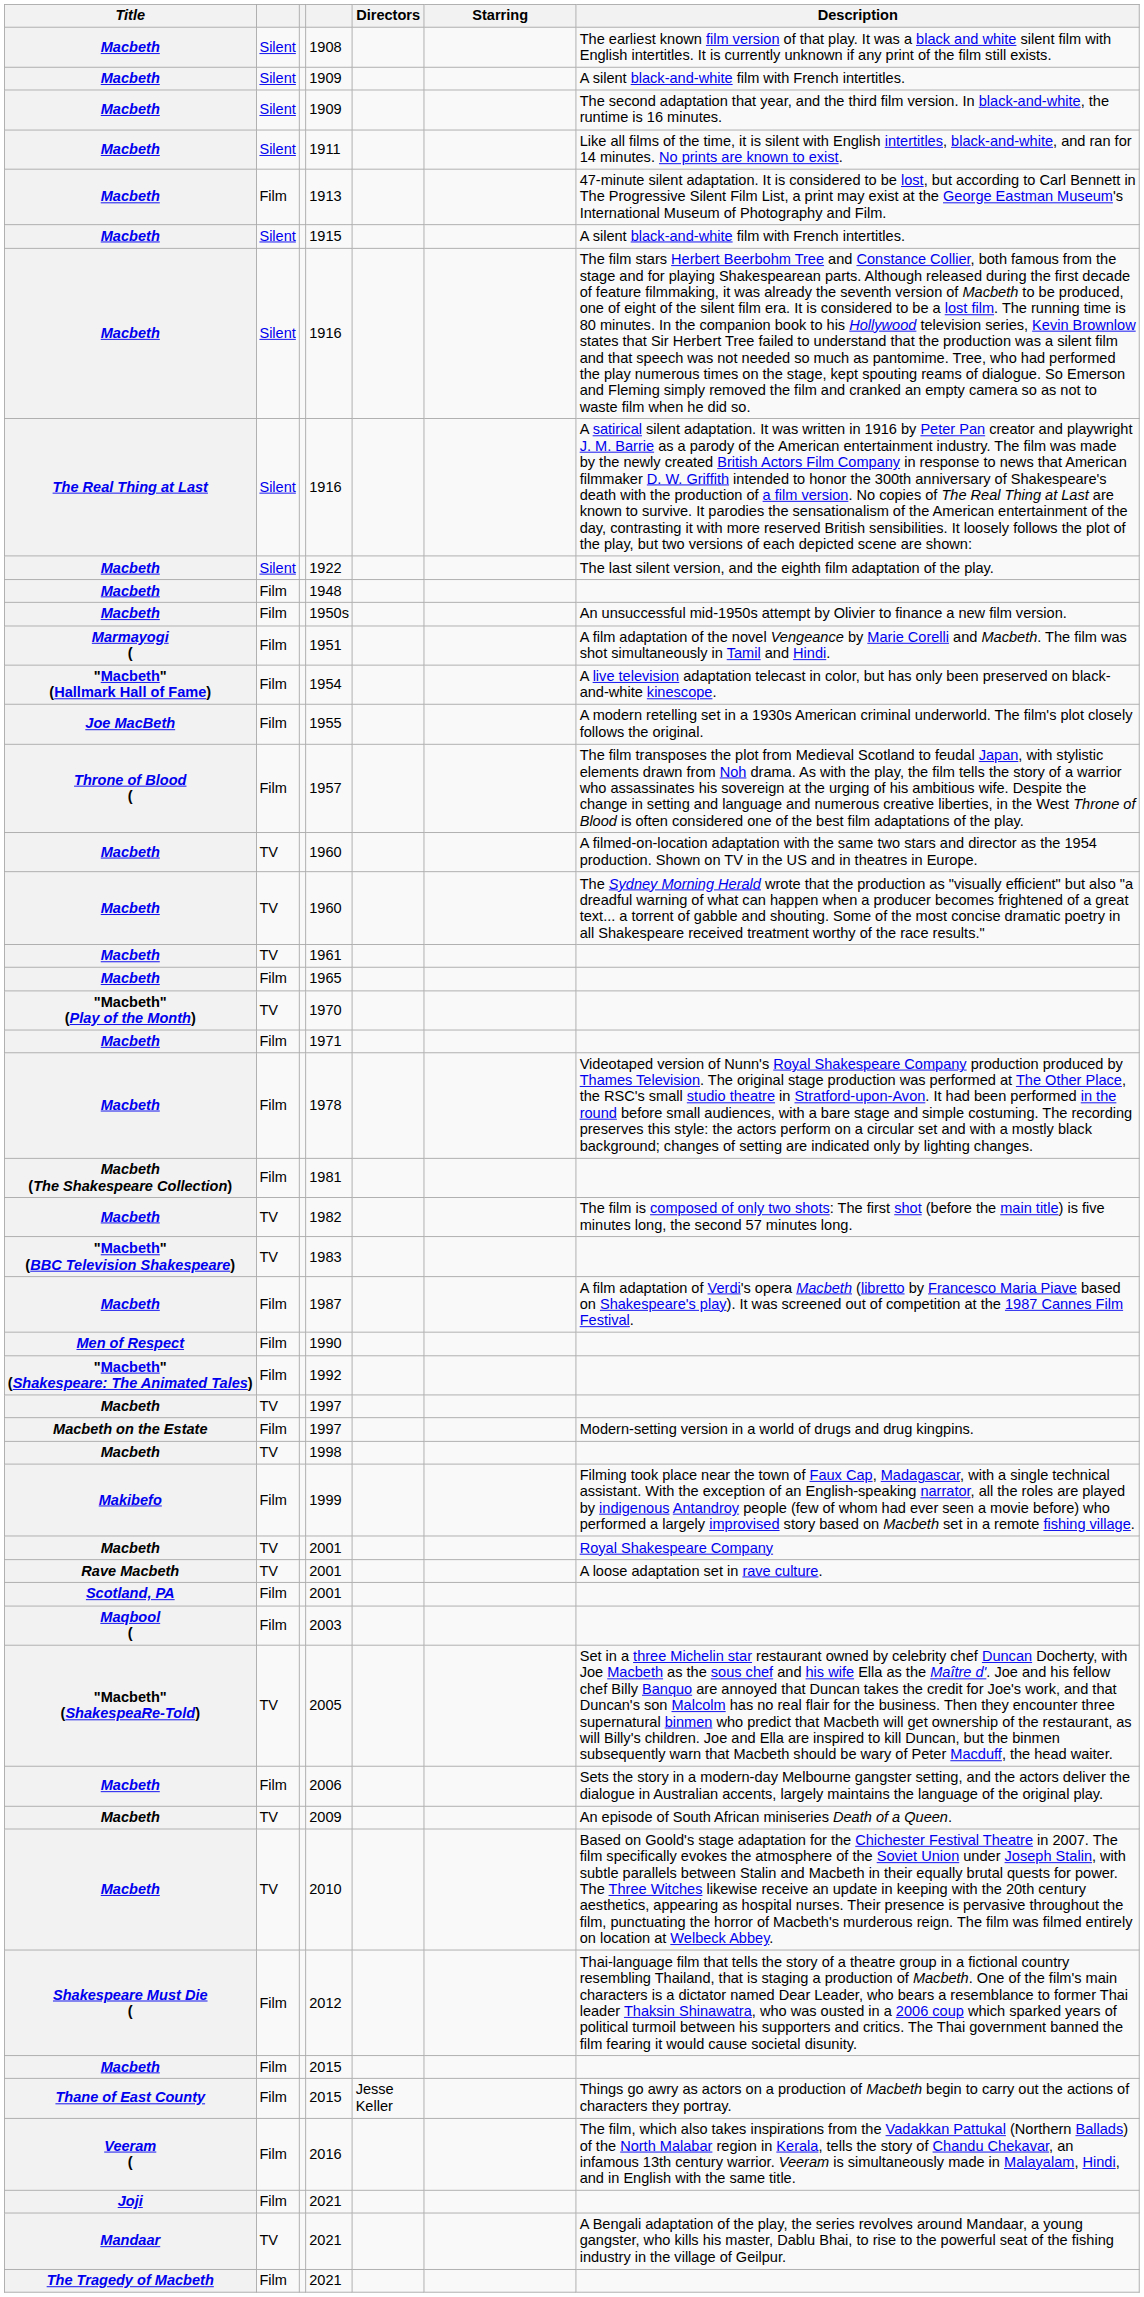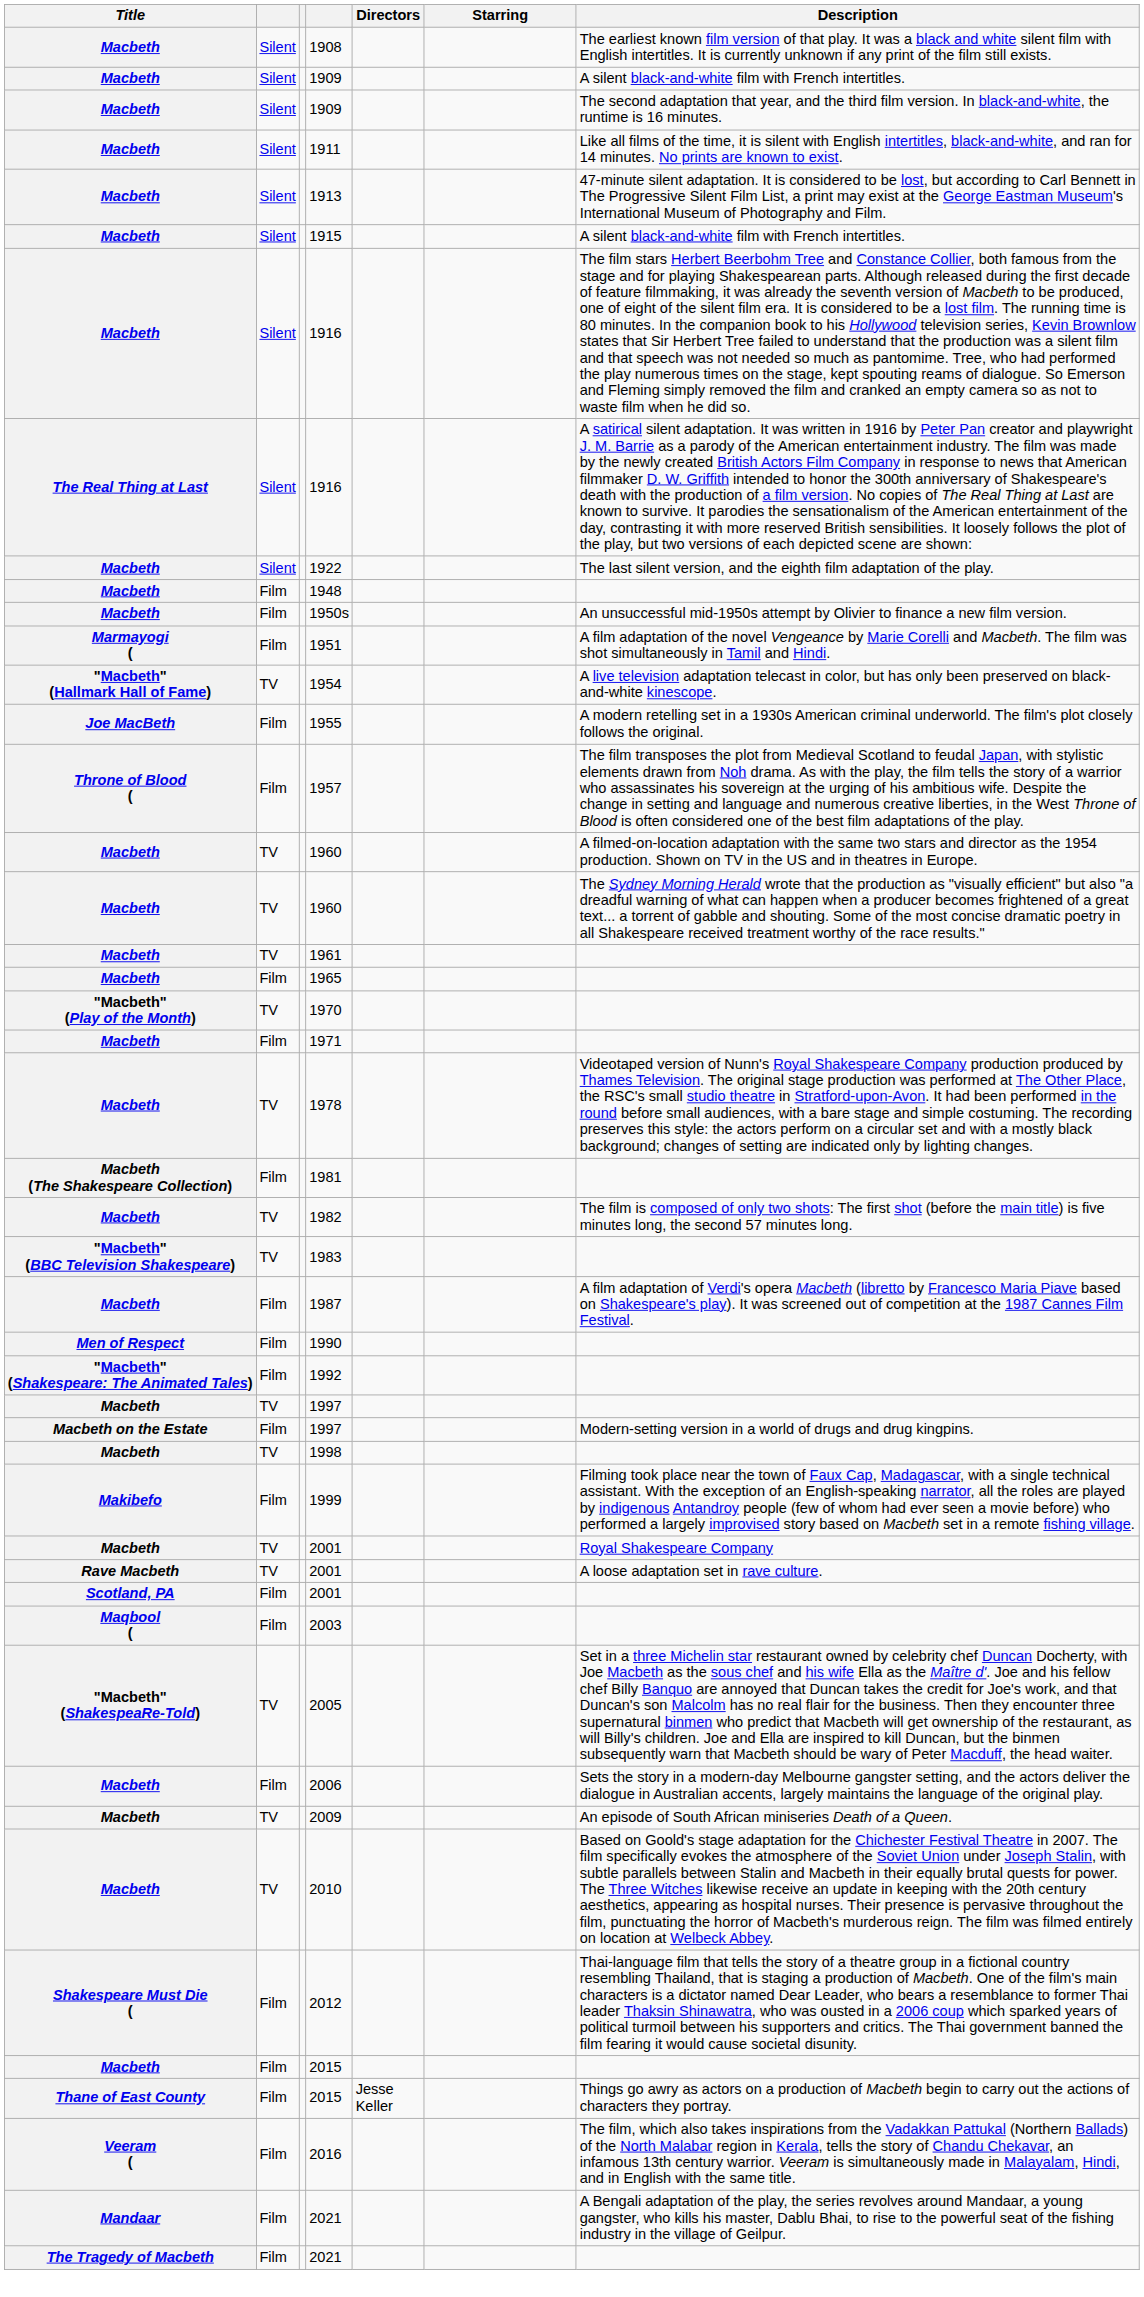 <table class="wikitable sortable">
 <tr>
 <th scope="col"><em>Title</em></th>
 <th scope="col"></th>
 <th scope="col"></th>
 <th scope="col"></th>
 <th scope="col" class="unsortable">Directors</th>
 <th scope="col" class="unsortable" style="min-width: 10em">Starring</th>
 <th scope="col" class="unsortable" style="min-width: 15em">Description</th>
 </tr>
 <tr>
 <th scope="row" style="white-space: nowrap"><em><a href='#'>Macbeth</a></em></th>
 <td><a href='#'>Silent</a></td>
 <td></td>
 <td>1908</td>
 <td></td>
 <td></td>
 <td>The earliest known <a href='#'>film version</a> of that play. It was a <a href='#'>black and white</a> silent film with English intertitles. It is currently unknown if any print of the film still exists.</td>
 </tr>
 <tr>
 <th scope="row" style="white-space: nowrap"><em><a href='#'>Macbeth</a></em></th>
 <td><a href='#'>Silent</a></td>
 <td></td>
 <td>1909</td>
 <td></td>
 <td></td>
 <td>A silent <a href='#'>black-and-white</a> film with French intertitles.</td>
 </tr>
 <tr>
 <th scope="row" style="white-space: nowrap"><em><a href='#'>Macbeth</a></em></th>
 <td><a href='#'>Silent</a></td>
 <td></td>
 <td>1909</td>
 <td></td>
 <td></td>
 <td>The second adaptation that year, and the third film version. In <a href='#'>black-and-white</a>, the runtime is 16 minutes.</td>
 </tr>
 <tr>
 <th scope="row" style="white-space: nowrap"><em><a href='#'>Macbeth</a></em></th>
 <td><a href='#'>Silent</a></td>
 <td></td>
 <td>1911</td>
 <td></td>
 <td></td>
 <td>Like all films of the time, it is silent with English <a href='#'>intertitles</a>, <a href='#'>black-and-white</a>, and ran for 14 minutes. <a href='#'>No prints are known to exist</a>.</td>
 </tr>
 <tr>
 <th scope="row" style="white-space: nowrap"><em><a href='#'>Macbeth</a></em></th>
-<td>Film</td>
+<td><a href='#'>Silent</a></td>
 <td></td>
 <td>1913</td>
 <td></td>
 <td></td>
 <td>47-minute silent adaptation. It is considered to be <a href='#'>lost</a>, but according to Carl Bennett in The Progressive Silent Film List, a print may exist at the <a href='#'>George Eastman Museum</a>'s International Museum of Photography and Film.</td>
 </tr>
 <tr>
 <th scope="row" style="white-space: nowrap"><em><a href='#'>Macbeth</a></em></th>
 <td><a href='#'>Silent</a></td>
 <td></td>
 <td>1915</td>
 <td></td>
 <td></td>
 <td>A silent <a href='#'>black-and-white</a> film with French intertitles.</td>
 </tr>
 <tr>
 <th scope="row" style="white-space: nowrap"><em><a href='#'>Macbeth</a></em></th>
 <td><a href='#'>Silent</a></td>
 <td></td>
 <td>1916</td>
 <td></td>
 <td></td>
 <td>The film stars <a href='#'>Herbert Beerbohm Tree</a> and <a href='#'>Constance Collier</a>, both famous from the stage and for playing Shakespearean parts. Although released during the first decade of feature filmmaking, it was already the seventh version of <em>Macbeth</em> to be produced, one of eight of the silent film era. It is considered to be a <a href='#'>lost film</a>. The running time is 80 minutes. In the companion book to his <em><a href='#'>Hollywood</a></em> television series, <a href='#'>Kevin Brownlow</a> states that Sir Herbert Tree failed to understand that the production was a silent film and that speech was not needed so much as pantomime. Tree, who had performed the play numerous times on the stage, kept spouting reams of dialogue. So Emerson and Fleming simply removed the film and cranked an empty camera so as not to waste film when he did so.</td>
 </tr>
 <tr>
 <th scope="row" style="white-space: nowrap"><em><a href='#'>The Real Thing at Last</a></em></th>
 <td><a href='#'>Silent</a></td>
 <td></td>
 <td>1916</td>
 <td></td>
 <td></td>
 <td>A <a href='#'>satirical</a> silent adaptation. It was written in 1916 by <a href='#'>Peter Pan</a> creator and playwright <a href='#'>J. M. Barrie</a> as a parody of the American entertainment industry. The film was made by the newly created <a href='#'>British Actors Film Company</a> in response to news that American filmmaker <a href='#'>D. W. Griffith</a> intended to honor the 300th anniversary of Shakespeare's death with the production of <a href='#'>a film version</a>. No copies of <em>The Real Thing at Last</em> are known to survive. It parodies the sensationalism of the American entertainment of the day, contrasting it with more reserved British sensibilities. It loosely follows the plot of the play, but two versions of each depicted scene are shown:<br></td>
 </tr>
 <tr>
 <th scope="row" style="white-space: nowrap"><em><a href='#'>Macbeth</a></em></th>
 <td><a href='#'>Silent</a></td>
 <td></td>
 <td>1922</td>
 <td></td>
 <td></td>
 <td>The last silent version, and the eighth film adaptation of the play.</td>
 </tr>
 <tr>
 <th scope="row" style="white-space: nowrap"><em><a href='#'>Macbeth</a></em></th>
 <td>Film</td>
 <td></td>
 <td>1948</td>
 <td></td>
 <td></td>
 <td></td>
 </tr>
 <tr>
 <th scope="row" style="white-space: nowrap"><em><a href='#'>Macbeth</a></em></th>
 <td>Film</td>
 <td></td>
 <td>1950s</td>
 <td></td>
 <td></td>
 <td>An unsuccessful mid-1950s attempt by Olivier to finance a new film version.</td>
 </tr>
 <tr>
 <th scope="row" style="white-space: normal"><em><a href='#'>Marmayogi</a></em><br>(</th>
 <td>Film</td>
 <td></td>
 <td>1951</td>
 <td></td>
 <td></td>
 <td>A film adaptation of the novel <em>Vengeance</em> by <a href='#'>Marie Corelli</a> and <em>Macbeth</em>. The film was shot simultaneously in <a href='#'>Tamil</a> and <a href='#'>Hindi</a>.</td>
 </tr>
 <tr>
 <th scope="row" style="white-space: nowrap">"<a href='#'>Macbeth</a>"<br>(<a href='#'>Hallmark Hall of Fame</a>)</th>
-<td>Film</td>
+<td>TV</td>
 <td></td>
 <td>1954</td>
 <td></td>
 <td></td>
 <td>A <a href='#'>live television</a> adaptation telecast in color, but has only been preserved on black-and-white <a href='#'>kinescope</a>.</td>
 </tr>
 <tr>
 <th scope="row" style="white-space: nowrap"><em><a href='#'>Joe MacBeth</a></em></th>
 <td>Film</td>
 <td></td>
 <td>1955</td>
 <td></td>
 <td></td>
 <td>A modern retelling set in a 1930s American criminal underworld. The film's plot closely follows the original.</td>
 </tr>
 <tr>
 <th scope="row" style="white-space: normal"><em><a href='#'>Throne of Blood</a></em><br>(</th>
 <td>Film</td>
 <td></td>
 <td>1957</td>
 <td></td>
 <td></td>
 <td>The film transposes the plot from Medieval Scotland to feudal <a href='#'>Japan</a>, with stylistic elements drawn from <a href='#'>Noh</a> drama. As with the play, the film tells the story of a warrior who assassinates his sovereign at the urging of his ambitious wife. Despite the change in setting and language and numerous creative liberties, in the West <em>Throne of Blood</em> is often considered one of the best film adaptations of the play.</td>
 </tr>
 <tr>
 <th scope="row" style="white-space: nowrap"><em><a href='#'>Macbeth</a></em></th>
 <td>TV</td>
 <td></td>
 <td>1960</td>
 <td></td>
 <td></td>
 <td>A filmed-on-location adaptation with the same two stars and director as the 1954 production. Shown on TV in the US and in theatres in Europe.</td>
 </tr>
 <tr>
 <th scope="row" style="white-space: nowrap"><em><a href='#'>Macbeth</a></em></th>
 <td>TV</td>
 <td></td>
 <td>1960</td>
 <td></td>
 <td></td>
 <td>The <em><a href='#'>Sydney Morning Herald</a></em> wrote that the production as "visually efficient" but also "a dreadful warning of what can happen when a producer becomes frightened of a great text... a torrent of gabble and shouting. Some of the most concise dramatic poetry in all Shakespeare received treatment worthy of the race results."</td>
 </tr>
 <tr>
 <th scope="row" style="white-space: nowrap"><em><a href='#'>Macbeth</a></em></th>
 <td>TV</td>
 <td></td>
 <td>1961</td>
 <td></td>
 <td></td>
 <td></td>
 </tr>
 <tr>
 <th scope="row" style="white-space: nowrap"><em><a href='#'>Macbeth</a></em></th>
 <td>Film</td>
 <td></td>
 <td>1965</td>
 <td></td>
 <td></td>
 <td></td>
 </tr>
 <tr>
 <th scope="row" style="white-space: nowrap">"Macbeth"<br>(<em><a href='#'>Play of the Month</a></em>)</th>
 <td>TV</td>
 <td></td>
 <td>1970</td>
 <td></td>
 <td></td>
 <td></td>
 </tr>
 <tr>
 <th scope="row" style="white-space: nowrap"><em><a href='#'>Macbeth</a></em></th>
 <td>Film</td>
 <td></td>
 <td>1971</td>
 <td></td>
 <td></td>
 <td></td>
 </tr>
 <tr>
 <th scope="row" style="white-space: nowrap"><em><a href='#'>Macbeth</a></em></th>
-<td>Film</td>
+<td>TV</td>
 <td></td>
 <td>1978</td>
 <td></td>
 <td></td>
 <td>Videotaped version of Nunn's <a href='#'>Royal Shakespeare Company</a> production produced by <a href='#'>Thames Television</a>. The original stage production was performed at <a href='#'>The Other Place</a>, the RSC's small <a href='#'>studio theatre</a> in <a href='#'>Stratford-upon-Avon</a>. It had been performed <a href='#'>in the round</a> before small audiences, with a bare stage and simple costuming. The recording preserves this style: the actors perform on a circular set and with a mostly black background; changes of setting are indicated only by lighting changes.</td>
 </tr>
 <tr>
 <th scope="row" style="white-space: nowrap"><em>Macbeth</em><br>(<em>The Shakespeare Collection</em>)</th>
 <td>Film</td>
 <td></td>
 <td>1981</td>
 <td></td>
 <td></td>
 <td></td>
 </tr>
 <tr>
 <th scope="row" style="white-space: nowrap"><em><a href='#'>Macbeth</a></em></th>
 <td>TV</td>
 <td></td>
 <td>1982</td>
 <td></td>
 <td></td>
 <td>The film is <a href='#'>composed of only two shots</a>: The first <a href='#'>shot</a> (before the <a href='#'>main title</a>) is five minutes long, the second 57 minutes long.</td>
 </tr>
 <tr>
 <th scope="row" style="white-space: nowrap">"<a href='#'>Macbeth</a>"<br>(<em><a href='#'>BBC Television Shakespeare</a></em>)</th>
 <td>TV</td>
 <td></td>
 <td>1983</td>
 <td></td>
 <td></td>
 <td></td>
 </tr>
 <tr>
 <th scope="row" style="white-space: nowrap"><em><a href='#'>Macbeth</a></em></th>
 <td>Film</td>
 <td></td>
 <td>1987</td>
 <td></td>
 <td></td>
 <td>A film adaptation of <a href='#'>Verdi</a>'s opera <em><a href='#'>Macbeth</a></em> (<a href='#'>libretto</a> by <a href='#'>Francesco Maria Piave</a> based on <a href='#'>Shakespeare's play</a>). It was screened out of competition at the <a href='#'>1987 Cannes Film Festival</a>.</td>
 </tr>
 <tr>
 <th scope="row" style="white-space: nowrap"><em><a href='#'>Men of Respect</a></em></th>
 <td>Film</td>
 <td></td>
 <td>1990</td>
 <td></td>
 <td></td>
 <td></td>
 </tr>
 <tr>
 <th scope="row" style="white-space: nowrap">"<a href='#'>Macbeth</a>"<br>(<em><a href='#'>Shakespeare: The Animated Tales</a></em>)</th>
 <td>Film</td>
 <td></td>
 <td>1992</td>
 <td></td>
 <td></td>
 <td></td>
 </tr>
 <tr>
 <th scope="row" style="white-space: nowrap"><em>Macbeth</em></th>
 <td>TV</td>
 <td></td>
 <td>1997</td>
 <td></td>
 <td></td>
 <td></td>
 </tr>
 <tr>
 <th scope="row" style="white-space: nowrap"><em>Macbeth on the Estate</em></th>
 <td>Film</td>
 <td></td>
 <td>1997</td>
 <td></td>
 <td></td>
 <td>Modern-setting version in a world of drugs and drug kingpins.</td>
 </tr>
 <tr>
 <th scope="row" style="white-space: nowrap"><em>Macbeth</em></th>
 <td>TV</td>
 <td></td>
 <td>1998</td>
 <td></td>
 <td></td>
 <td></td>
 </tr>
 <tr>
 <th scope="row" style="white-space: nowrap"><em><a href='#'>Makibefo</a></em></th>
 <td>Film</td>
 <td></td>
 <td>1999</td>
 <td></td>
 <td></td>
 <td>Filming took place near the town of <a href='#'>Faux Cap</a>, <a href='#'>Madagascar</a>, with a single technical assistant. With the exception of an English-speaking <a href='#'>narrator</a>, all the roles are played by <a href='#'>indigenous</a> <a href='#'>Antandroy</a> people (few of whom had ever seen a movie before) who performed a largely <a href='#'>improvised</a> story based on <em>Macbeth</em> set in a remote <a href='#'>fishing village</a>.</td>
 </tr>
 <tr>
 <th scope="row" style="white-space: nowrap"><em>Macbeth</em></th>
 <td>TV</td>
 <td></td>
 <td>2001</td>
 <td></td>
 <td></td>
 <td><a href='#'>Royal Shakespeare Company</a></td>
 </tr>
 <tr>
 <th scope="row" style="white-space: nowrap"><em>Rave Macbeth</em></th>
 <td>TV</td>
 <td></td>
 <td>2001</td>
 <td></td>
 <td></td>
 <td>A loose adaptation set in <a href='#'>rave culture</a>.</td>
 </tr>
 <tr>
 <th scope="row" style="white-space: nowrap"><em><a href='#'>Scotland, PA</a></em></th>
 <td>Film</td>
 <td></td>
 <td>2001</td>
 <td></td>
 <td></td>
 <td></td>
 </tr>
 <tr>
 <th scope="row" style="white-space: nowrap"><em><a href='#'>Maqbool</a></em><br>(</th>
 <td>Film</td>
 <td></td>
 <td>2003</td>
 <td></td>
 <td></td>
 <td></td>
 </tr>
 <tr>
 <th scope="row" style="white-space: nowrap">"Macbeth"<br>(<em><a href='#'>ShakespeaRe-Told</a></em>)</th>
 <td>TV</td>
 <td></td>
 <td>2005</td>
 <td></td>
 <td></td>
 <td>Set in a <a href='#'>three Michelin star</a> restaurant owned by celebrity chef <a href='#'>Duncan</a> Docherty, with Joe <a href='#'>Macbeth</a> as the <a href='#'>sous chef</a> and <a href='#'>his wife</a> Ella as the <em><a href='#'>Maître d'</a></em>. Joe and his fellow chef Billy <a href='#'>Banquo</a> are annoyed that Duncan takes the credit for Joe's work, and that Duncan's son <a href='#'>Malcolm</a> has no real flair for the business. Then they encounter three supernatural <a href='#'>binmen</a> who predict that Macbeth will get ownership of the restaurant, as will Billy's children. Joe and Ella are inspired to kill Duncan, but the binmen subsequently warn that Macbeth should be wary of Peter <a href='#'>Macduff</a>, the head waiter.</td>
 </tr>
 <tr>
 <th scope="row" style="white-space: nowrap"><em><a href='#'>Macbeth</a></em></th>
 <td>Film</td>
 <td></td>
 <td>2006</td>
 <td></td>
 <td></td>
 <td>Sets the story in a modern-day Melbourne gangster setting, and the actors deliver the dialogue in Australian accents, largely maintains the language of the original play.</td>
 </tr>
 <tr>
 <th scope="row" style="white space:nowrap"><em>Macbeth</em></th>
 <td>TV</td>
 <td></td>
 <td>2009</td>
 <td></td>
 <td></td>
 <td>An episode of South African miniseries <em>Death of a Queen</em>.</td>
 </tr>
 <tr>
 <th scope="row" style="white-space: nowrap"><em><a href='#'>Macbeth</a></em></th>
 <td>TV</td>
 <td></td>
 <td>2010</td>
 <td></td>
 <td></td>
 <td>Based on Goold's stage adaptation for the <a href='#'>Chichester Festival Theatre</a> in 2007. The film specifically evokes the atmosphere of the <a href='#'>Soviet Union</a> under <a href='#'>Joseph Stalin</a>, with subtle parallels between Stalin and Macbeth in their equally brutal quests for power. The <a href='#'>Three Witches</a> likewise receive an update in keeping with the 20th century aesthetics, appearing as hospital nurses. Their presence is pervasive throughout the film, punctuating the horror of Macbeth's murderous reign. The film was filmed entirely on location at <a href='#'>Welbeck Abbey</a>.</td>
 </tr>
 <tr>
 <th scope="row" style="white-space: normal"><em><a href='#'>Shakespeare Must Die</a></em><br>(</th>
 <td>Film</td>
 <td></td>
 <td>2012</td>
 <td></td>
 <td></td>
 <td>Thai-language film that tells the story of a theatre group in a fictional country resembling Thailand, that is staging a production of <em>Macbeth</em>. One of the film's main characters is a dictator named Dear Leader, who bears a resemblance to former Thai leader <a href='#'>Thaksin Shinawatra</a>, who was ousted in a <a href='#'>2006 coup</a> which sparked years of political turmoil between his supporters and critics. The Thai government banned the film fearing it would cause societal disunity.</td>
 </tr>
 <tr>
 <th scope="row" style="white-space: nowrap"><em><a href='#'>Macbeth</a></em></th>
 <td>Film</td>
 <td></td>
 <td>2015</td>
 <td></td>
 <td></td>
 <td></td>
 </tr>
 <tr>
 <th><em><a href='#'>Thane of East County</a></em></th>
 <td>Film</td>
 <td></td>
 <td>2015</td>
 <td>Jesse Keller</td>
 <td></td>
 <td>Things go awry as actors on a production of <em>Macbeth</em> begin to carry out the actions of characters they portray.</td>
 </tr>
 <tr>
 <th scope="row" style="white-space: normal"><em><a href='#'>Veeram</a></em><br>(</th>
 <td>Film</td>
 <td></td>
 <td>2016</td>
 <td></td>
 <td></td>
 <td>The film, which also takes inspirations from the <a href='#'>Vadakkan Pattukal</a> (Northern <a href='#'>Ballads</a>) of the <a href='#'>North Malabar</a> region in <a href='#'>Kerala</a>, tells the story of <a href='#'>Chandu Chekavar</a>, an infamous 13th century warrior. <em>Veeram</em> is simultaneously made in <a href='#'>Malayalam</a>, <a href='#'>Hindi</a>, and in English with the same title.</td>
 </tr>
 <tr>
-<th scope="row" style="white-space: nowrap"><em><a href='#'>Joji</a></em></th>
+<th scope="row" style="white-space: nowrap"><em><a href='#'>Mandaar</a></em></th>
 <td>Film</td>
-<td></td>
-<td>2021</td>
-<td></td>
-<td></td>
-<td></td>
-</tr>
-<tr>
-<th scope="row" style="white-space: nowrap"><em><a href='#'>Mandaar</a></em></th>
-<td>TV</td>
 <td></td>
 <td>2021</td>
 <td></td>
 <td></td>
 <td>A Bengali adaptation of the play, the series revolves around Mandaar, a young gangster, who kills his master, Dablu Bhai, to rise to the powerful seat of the fishing industry in the village of Geilpur.</td>
 </tr>
 <tr>
 <th scope="row" style="white-space: nowrap"><em><a href='#'>The Tragedy of Macbeth</a></em></th>
 <td>Film</td>
 <td></td>
 <td>2021</td>
 <td></td>
 <td></td>
 <td></td>
 </tr>
 </table>
